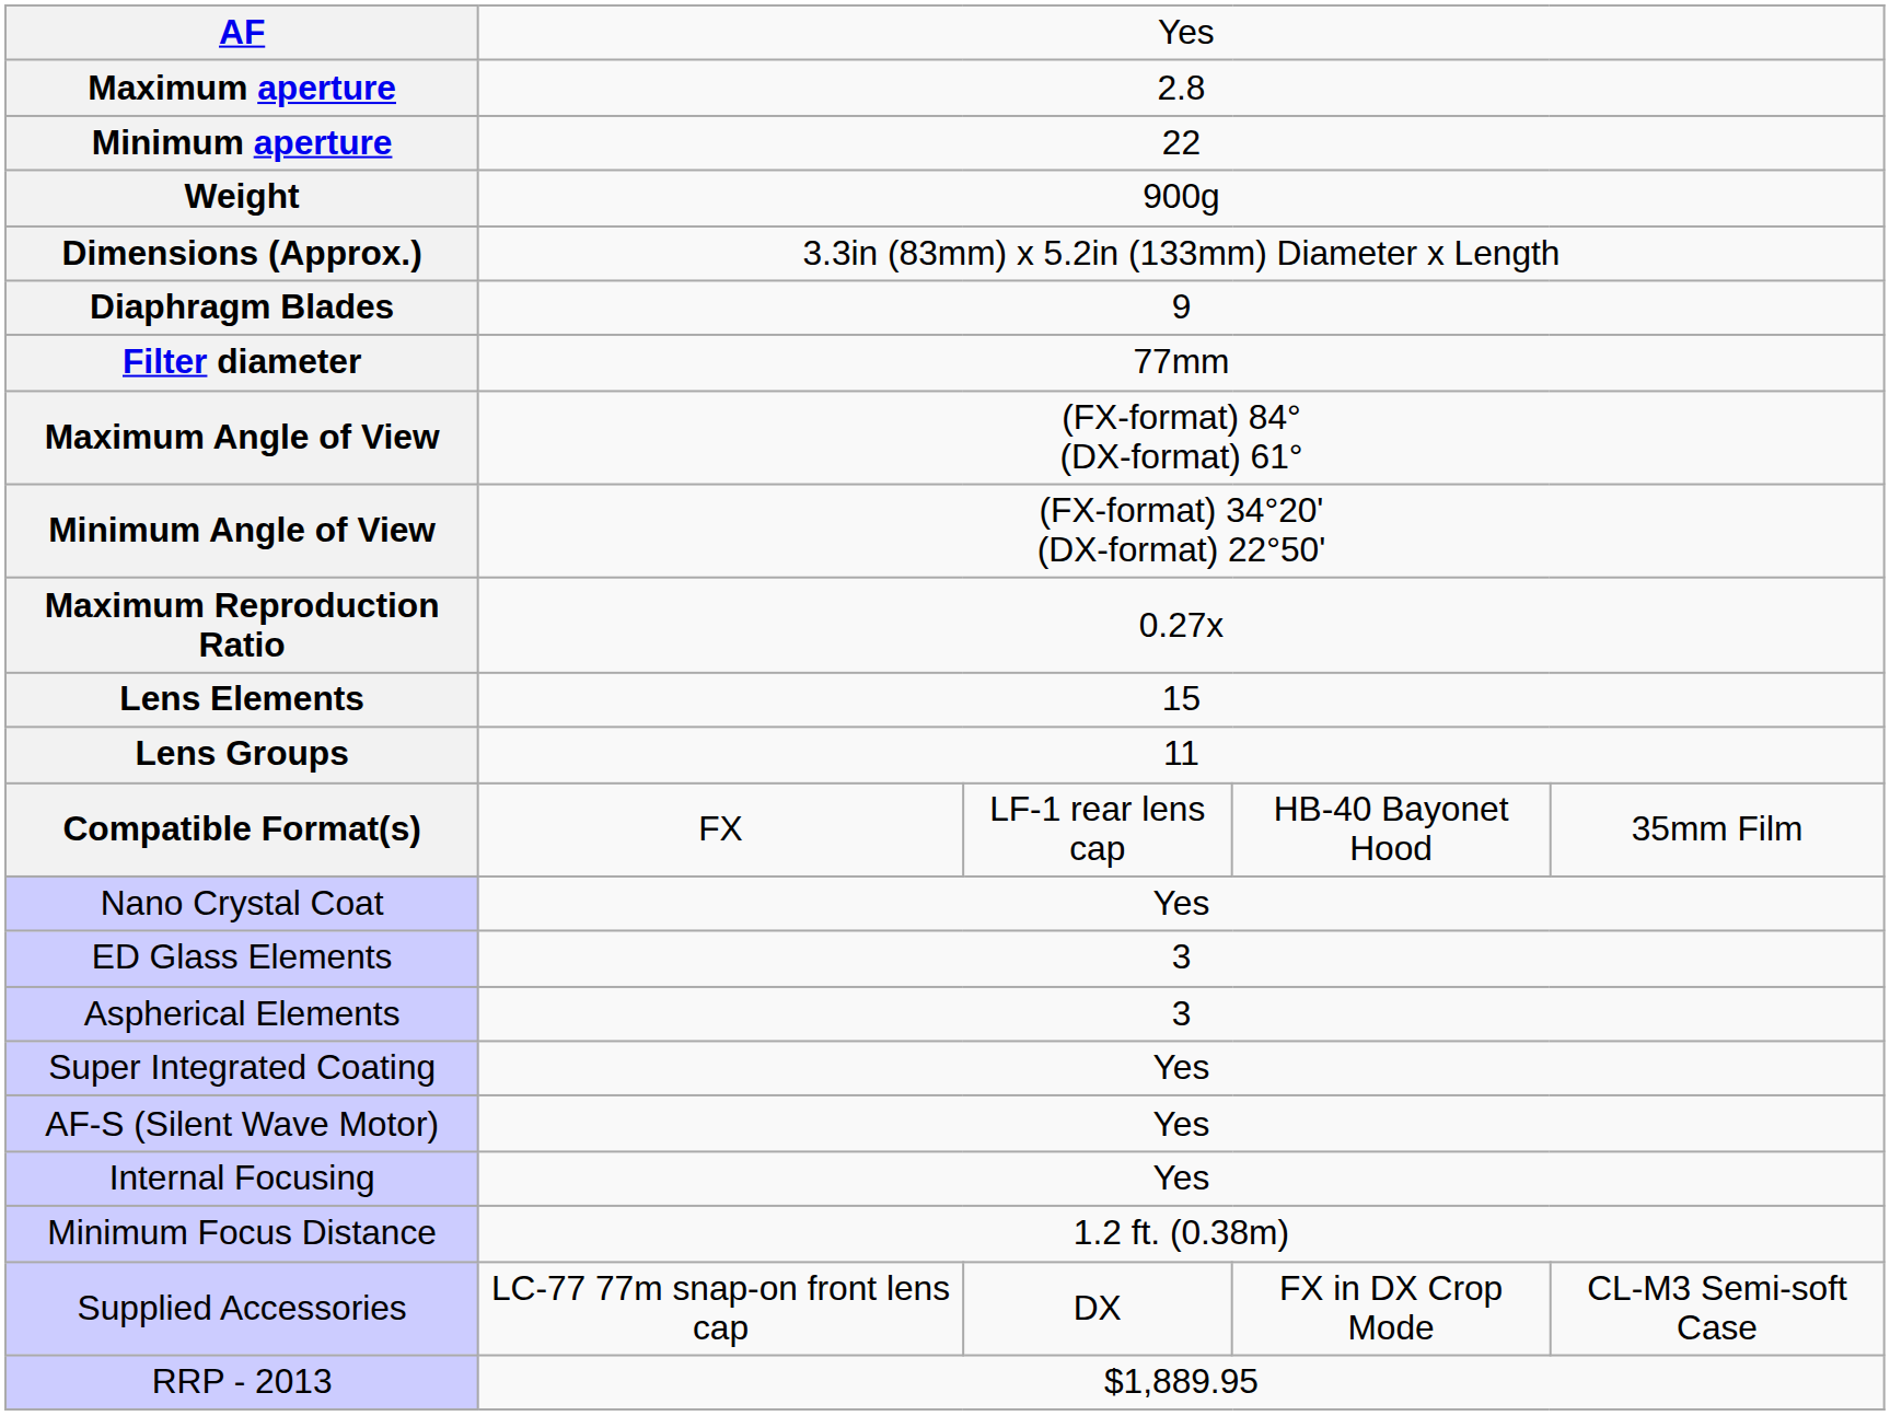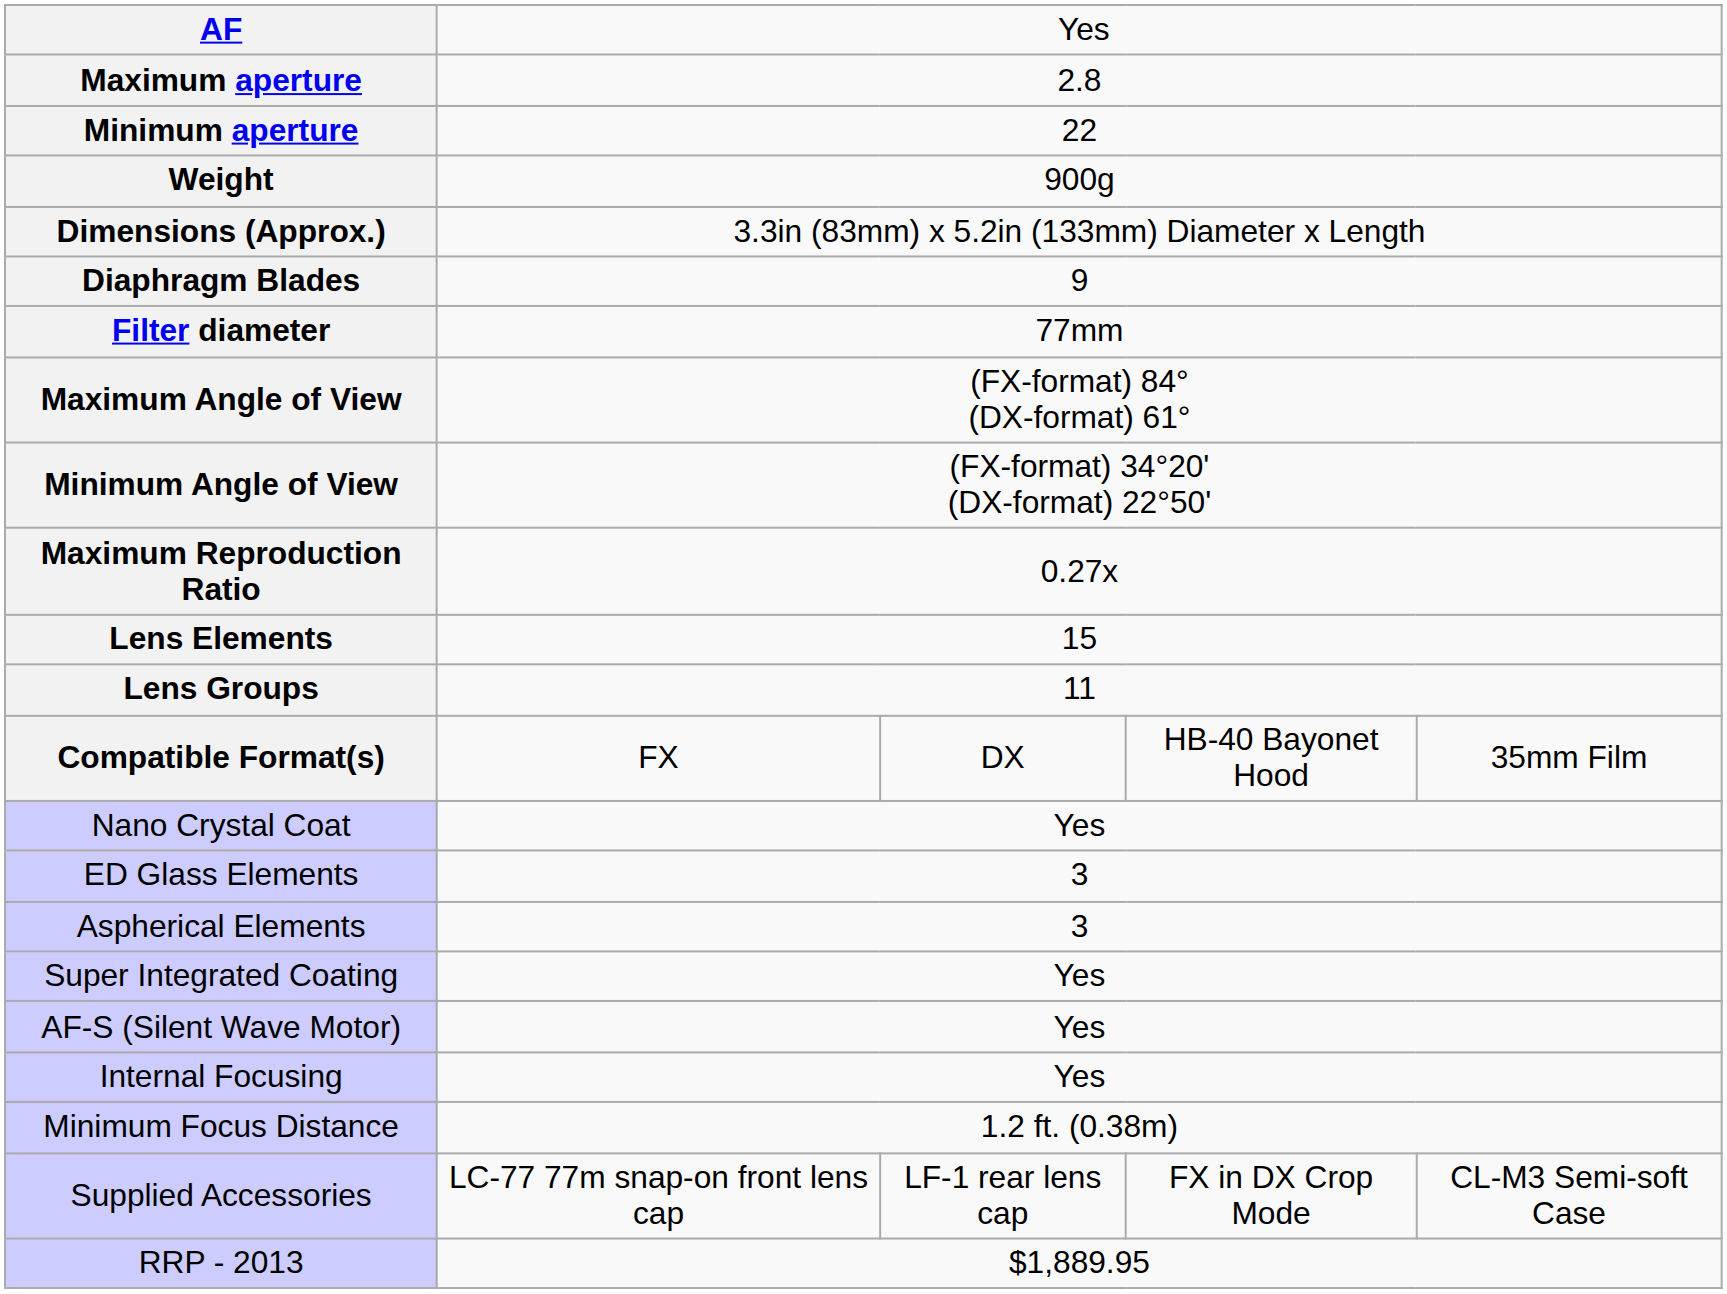 <table class="wikitable">
 <tr>
 <th bgcolor="#CCCCFF" align="center"><a href='#'>AF</a></th>
 <td align="center" colspan="4"> Yes</td>
 </tr>
 <tr>
 <th bgcolor="#CCCCFF" align="center">Maximum <a href='#'>aperture</a></th>
 <td align="center" colspan="4">2.8</td>
 </tr>
 <tr>
 <th bgcolor="#CCCCFF" align="center">Minimum <a href='#'>aperture</a></th>
 <td align="center" colspan="4">22</td>
 </tr>
 <tr>
 <th bgcolor="#CCCCFF" align="center">Weight</th>
 <td align="center" colspan="4">900g</td>
 </tr>
 <tr>
 <th bgcolor="#CCCCFF" align="center">Dimensions (Approx.)</th>
 <td align="center" colspan="4">3.3in (83mm) x 5.2in (133mm) Diameter x Length</td>
 </tr>
 <tr>
 <th bgcolor="#CCCCFF" align="center">Diaphragm Blades</th>
 <td align="center" colspan="4">9</td>
 </tr>
 <tr>
 <th bgcolor="#CCCCFF" align="center"><a href='#'>Filter</a> diameter</th>
 <td align="center" colspan="4">77mm</td>
 </tr>
 <tr>
 <th bgcolor="#CCCCFF" align="center">Maximum Angle of View</th>
 <td align="center" colspan="4">(FX-format) 84°<br>(DX-format) 61°</td>
 </tr>
 <tr>
 <th bgcolor="#CCCCFF" align="center">Minimum Angle of View</th>
 <td align="center" colspan="4">(FX-format) 34°20'<br>(DX-format) 22°50'</td>
 </tr>
 <tr>
 <th bgcolor="#CCCCFF" align="center">Maximum Reproduction Ratio</th>
 <td align="center" colspan="4">0.27x</td>
 </tr>
 <tr>
 <th bgcolor="#CCCCFF" align="center">Lens Elements</th>
 <td align="center" colspan="4">15</td>
 </tr>
 <tr>
 <th bgcolor="#CCCCFF" align="center">Lens Groups</th>
 <td align="center" colspan="4">11</td>
 </tr>
 <tr>
 <th bgcolor="#CCCCFF" align="center">Compatible Format(s)</th>
 <td align="center">FX</td>
-<td align="center">LF-1 rear lens cap</td>
+<td align="center">DX</td>
 <td align="center">HB-40 Bayonet Hood</td>
 <td align="center" colspan="2">35mm Film</td>
 </tr>
 <tr>
 <td bgcolor="#CCCCFF" align="center">Nano Crystal Coat</td>
 <td align="center" colspan="4">Yes</td>
 </tr>
 <tr>
 <td bgcolor="#CCCCFF" align="center">ED Glass Elements</td>
 <td align="center" colspan="4">3</td>
 </tr>
 <tr>
 <td bgcolor="#CCCCFF" align="center">Aspherical Elements</td>
 <td align="center" colspan="4">3</td>
 </tr>
 <tr>
 <td bgcolor="#CCCCFF" align="center">Super Integrated Coating</td>
 <td align="center" colspan="4">Yes</td>
 </tr>
 <tr>
 <td bgcolor="#CCCCFF" align="center">AF-S (Silent Wave Motor)</td>
 <td align="center" colspan="4">Yes</td>
 </tr>
 <tr>
 <td bgcolor="#CCCCFF" align="center">Internal Focusing</td>
 <td align="center" colspan="4">Yes</td>
 </tr>
 <tr>
 <td bgcolor="#CCCCFF" align="center">Minimum Focus Distance</td>
 <td align="center" colspan="4">1.2 ft. (0.38m)</td>
 </tr>
 <tr>
 <td bgcolor="#CCCCFF" align="center">Supplied Accessories</td>
 <td align="center">LC-77 77m snap-on front lens cap</td>
-<td align="center">DX</td>
+<td align="center">LF-1 rear lens cap</td>
 <td align="center">FX in DX Crop Mode</td>
 <td align="center">CL-M3 Semi-soft Case</td>
 </tr>
 <tr>
 <td bgcolor="#CCCCFF" align="center">RRP - 2013</td>
 <td align="center" colspan="4">$1,889.95</td>
 </tr>
 </table>
